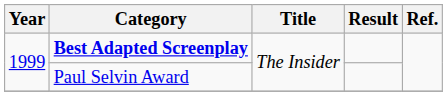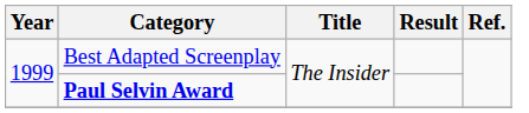 <table class="wikitable unsortable">
 <tr>
 <th>Year</th>
 <th>Category</th>
 <th>Title</th>
 <th>Result</th>
 <th>Ref.</th>
 </tr>
 <tr>
 <td rowspan=2><a href='#'>1999</a></td>
-<td><strong><a href='#'>Best Adapted Screenplay</a></strong></td>
+<td><a href='#'>Best Adapted Screenplay</a></td>
 <td rowspan=2><em>The Insider</em></td>
 <td></td>
 <td rowspan=2></td>
 </tr>
 <tr>
-<td><a href='#'>Paul Selvin Award</a></td>
+<td><strong><a href='#'>Paul Selvin Award</a></strong></td>
 <td></td>
 </tr>
 <tr>
 </tr>
 </table>
